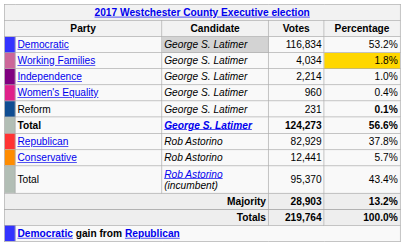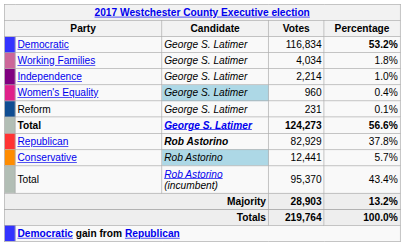 <table class="wikitable" style="font-size: 95%;">
 <tr>
 <th colspan="5"><a href='#'>2017 Westchester County Executive election</a></th>
 </tr>
 <tr>
 <th colspan="2" style="width: 15em">Party</th>
 <th style="width: 10em">Candidate</th>
 <th style="width: 5em">Votes</th>
 <th style="width: 7em">Percentage</th>
 </tr>
 <tr>
 <th style="background-color:#3333FF; width: 3px"></th>
 <td style="width: 130px"><a href='#'>Democratic</a></td>
-<td style="background: lightgrey;"><em>George S. Latimer</em></td>
+<td><em>George S. Latimer</em></td>
 <td align="right">116,834</td>
-<td align="right">53.2%</td>
+<td align="right"><strong>53.2%</strong></td>
 </tr>
 <tr>
 <th style="background-color:#CC6699; width: 3px"></th>
 <td style="width: 130px"><a href='#'>Working Families</a></td>
 <td><em>George S. Latimer</em></td>
 <td align="right">4,034</td>
-<td align="right" style="background: gold;">1.8%</td>
+<td align="right">1.8%</td>
 </tr>
 <tr>
 <th style="background-color:#800080; width: 3px"></th>
 <td style="width: 130px"><a href='#'>Independence</a></td>
 <td><em>George S. Latimer</em></td>
 <td align="right">2,214</td>
 <td align="right">1.0%</td>
 </tr>
 <tr>
 <th style="background-color:#E0218A; width: 3px"></th>
 <td style="width: 130px"><a href='#'>Women's Equality</a></td>
-<td><em>George S. Latimer</em></td>
+<td style="background: lightblue;"><em>George S. Latimer</em></td>
 <td align="right">960</td>
 <td align="right">0.4%</td>
 </tr>
 <tr>
 <th style="background-color:#0F4D92; width: 3px"></th>
 <td style="width: 130px">Reform</td>
 <td><em>George S. Latimer</em></td>
 <td align="right">231</td>
-<td align="right"><strong>0.1%</strong></td>
+<td align="right">0.1%</td>
 </tr>
 <tr>
 <th style="background-color:#B2BEB5; width: 3px"></th>
 <td style="width: 130px"><strong>Total</strong></td>
 <td><strong><em><a href='#'>George S. Latimer</a></em></strong></td>
 <td align="right"><strong>124,273</strong></td>
 <td align="right"><strong>56.6%</strong></td>
 </tr>
 <tr>
 <th style="background-color:#FF3333; width: 3px"></th>
 <td style="width: 130px"><a href='#'>Republican</a></td>
-<td><em>Rob Astorino</em></td>
+<td><strong><em>Rob Astorino</em></strong></td>
 <td align="right">82,929</td>
 <td align="right">37.8%</td>
 </tr>
 <tr>
 <th style="background-color:#FF8C00; width: 3px"></th>
 <td style="width: 130px"><a href='#'>Conservative</a></td>
-<td><em>Rob Astorino</em></td>
+<td style="background: lightblue;"><em>Rob Astorino</em></td>
 <td align="right">12,441</td>
 <td align="right">5.7%</td>
 </tr>
 <tr>
 <th style="background-color:#B2BEB5; width: 3px"></th>
 <td style="width: 130px">Total</td>
 <td><em><a href='#'>Rob Astorino</a> (incumbent)</em></td>
 <td align="right">95,370</td>
 <td align="right">43.4%</td>
 </tr>
 <tr bgcolor="#EEEEEE">
 <td colspan="3" align="right"><strong>Majority</strong></td>
 <td align="right"><strong>28,903</strong></td>
 <td align="right"><strong>13.2%</strong></td>
 </tr>
 <tr>
 </tr>
 <tr bgcolor="#EEEEEE">
 <td colspan="3" align="right"><strong>Totals</strong></td>
 <td align="right"><strong>219,764</strong></td>
 <td align="right"><strong>100.0%</strong></td>
 </tr>
 <tr>
 <th style="background-color:#3333FF; width: 3px"></th>
 <td colspan="4"><strong><a href='#'>Democratic</a> gain from <a href='#'>Republican</a></strong></td>
 </tr>
 </table>
